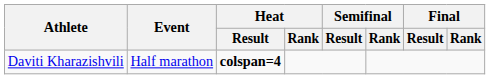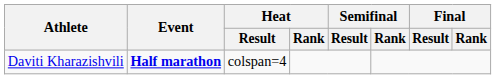 <table class=wikitable style=font-size:90%>
 <tr>
 <th rowspan=2>Athlete</th>
 <th rowspan=2>Event</th>
 <th colspan=2>Heat</th>
 <th colspan=2>Semifinal</th>
 <th colspan=2>Final</th>
 </tr>
 <tr style=font-size:95%>
 <th>Result</th>
 <th>Rank</th>
 <th>Result</th>
 <th>Rank</th>
 <th>Result</th>
 <th>Rank</th>
 </tr>
 <tr align=center>
 <td align=left><a href='#'>Daviti Kharazishvili</a></td>
-<td align=left><a href='#'>Half marathon</a></td>
-<td><strong>colspan=4</strong></td>
+<td align=left><strong><a href='#'>Half marathon</a></strong></td>
+<td>colspan=4</td>
 <td colspan=2></td>
 </tr>
 </table>
